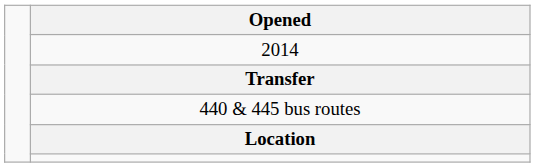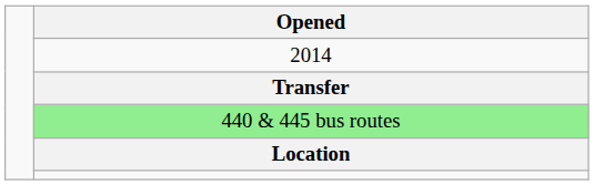 <table class=wikitable style="text-align: center; width: 450px; float:right">
 <tr>
 <td rowspan='6'></td>
 <th>Opened</th>
 </tr>
 <tr>
 <td>2014</td>
 </tr>
 <tr>
 <th>Transfer</th>
 </tr>
 <tr>
-<td>440 & 445 bus routes</td>
+<td style="background: lightgreen;">440 & 445 bus routes</td>
 </tr>
 <tr>
 <th>Location</th>
 </tr>
 <tr>
 <td></td>
 </tr>
 </table>
